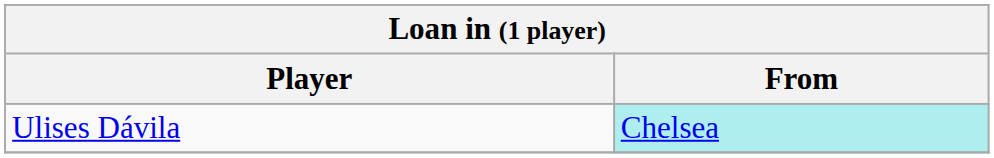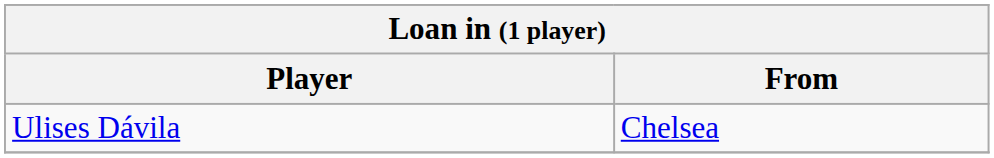 <table class="wikitable collapsible collapsed">
 <tr>
 <th colspan="2" width="500"> <strong>Loan in</strong> <small>(1 player)</small></th>
 </tr>
 <tr>
 <th>Player</th>
 <th>From</th>
 </tr>
 <tr>
 <td> <a href='#'>Ulises Dávila</a></td>
-<td style="background: paleturquoise;"> <a href='#'>Chelsea</a></td>
+<td> <a href='#'>Chelsea</a></td>
 </tr>
 <tr>
 </tr>
 </table>
